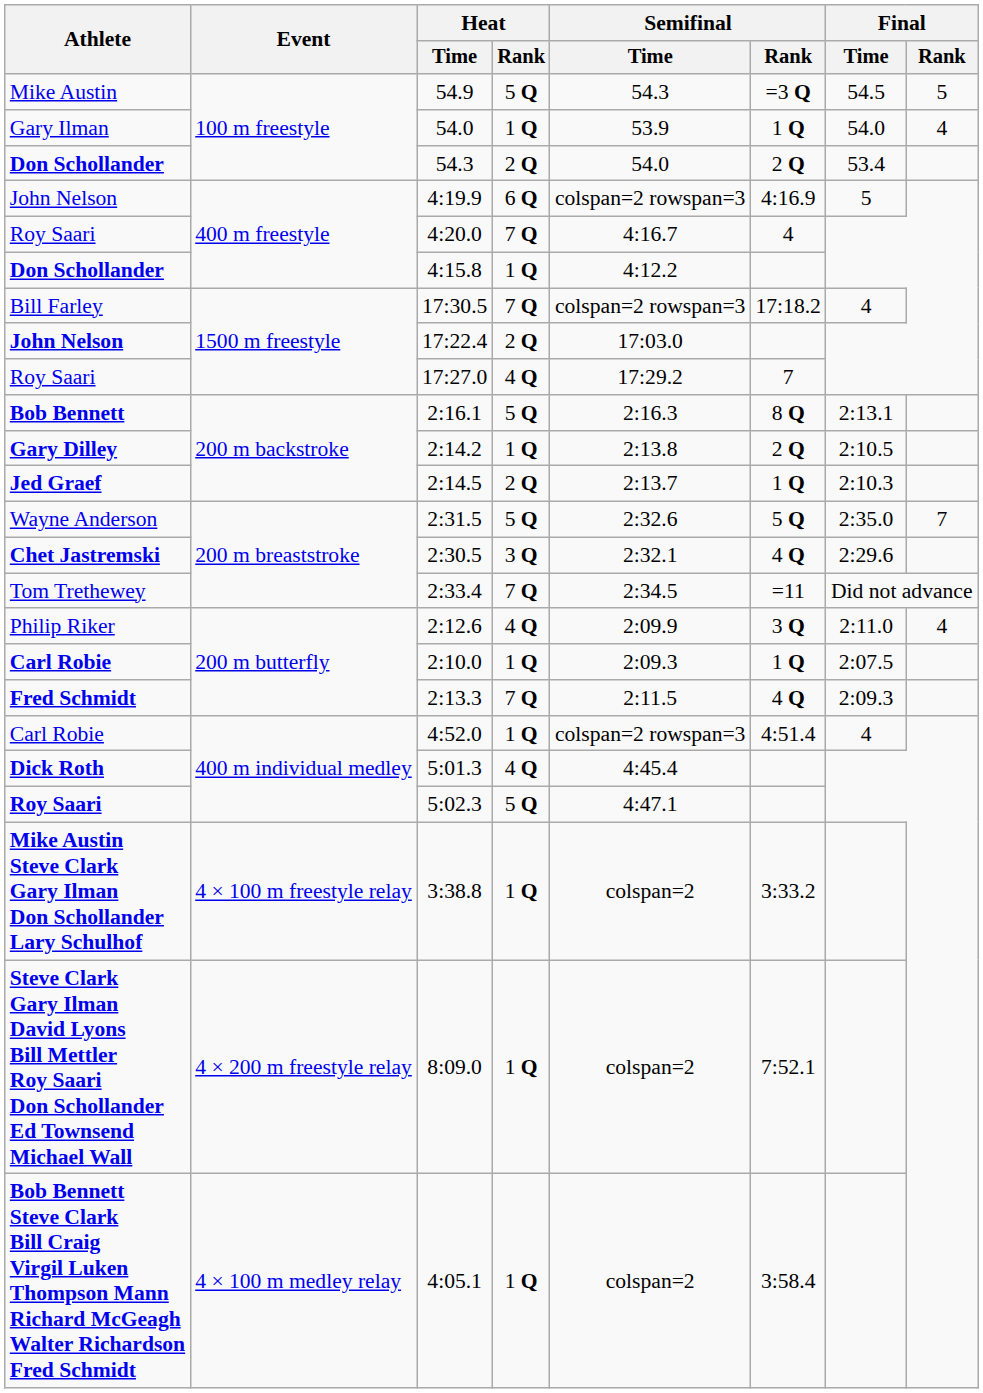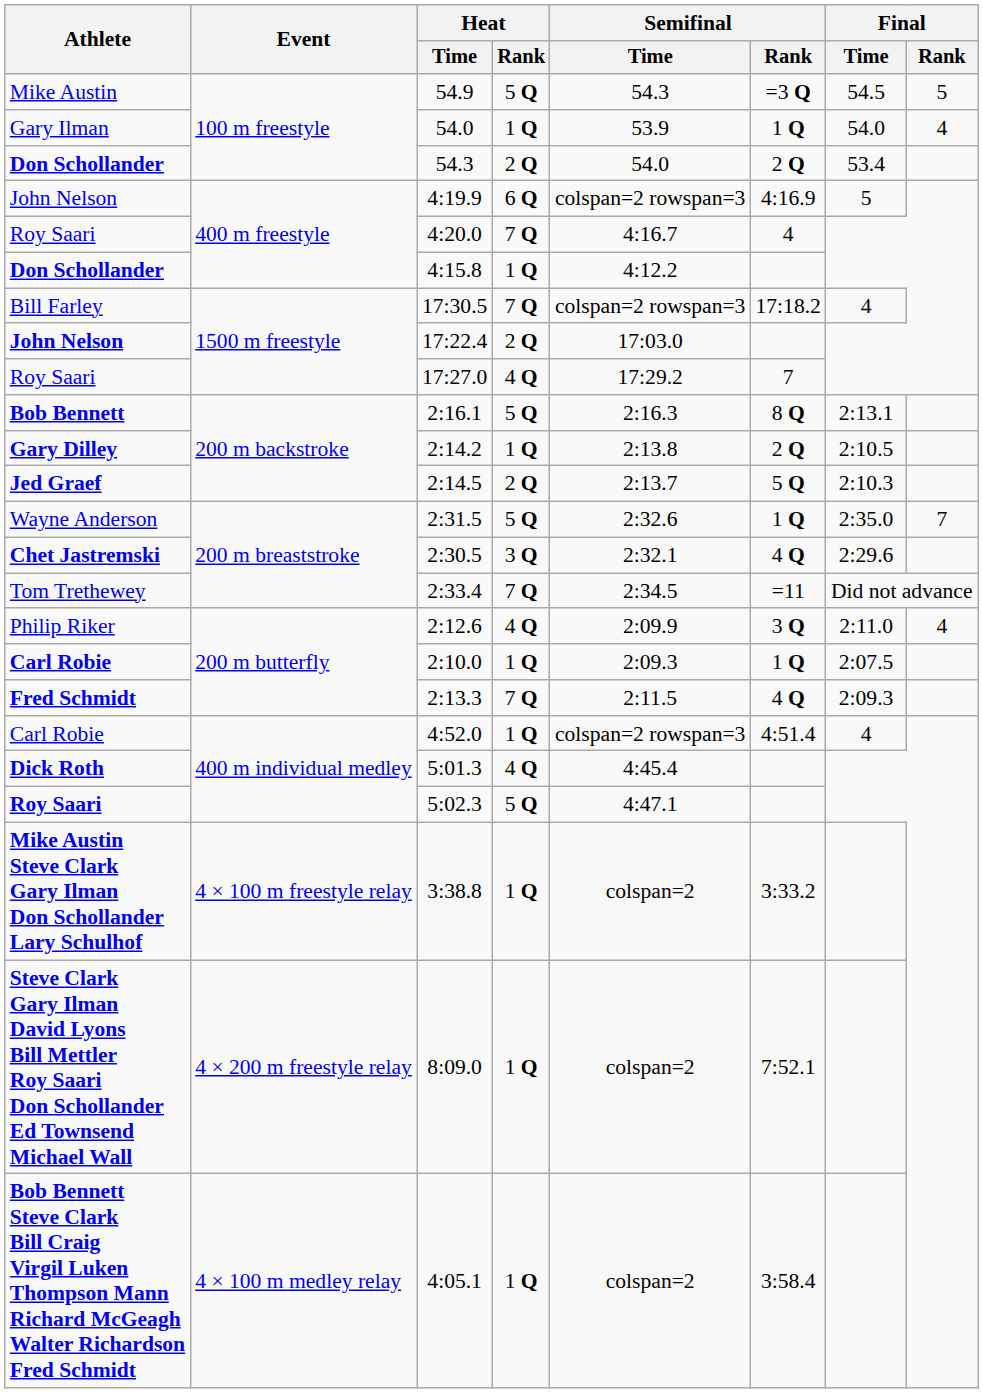 <table class=wikitable style=font-size:90%;text-align:center>
 <tr>
 <th rowspan=2>Athlete</th>
 <th rowspan=2>Event</th>
 <th colspan=2>Heat</th>
 <th colspan=2>Semifinal</th>
 <th colspan=2>Final</th>
 </tr>
 <tr style=font-size:95%>
 <th>Time</th>
 <th>Rank</th>
 <th>Time</th>
 <th>Rank</th>
 <th>Time</th>
 <th>Rank</th>
 </tr>
 <tr>
 <td align=left><a href='#'>Mike Austin</a></td>
 <td align=left rowspan=3><a href='#'>100 m freestyle</a></td>
 <td>54.9</td>
 <td>5 <strong>Q</strong></td>
 <td>54.3</td>
 <td>=3 <strong>Q</strong></td>
 <td>54.5</td>
 <td>5</td>
 </tr>
 <tr>
 <td align=left><a href='#'>Gary Ilman</a></td>
 <td>54.0 </td>
 <td>1 <strong>Q</strong></td>
 <td>53.9 </td>
 <td>1 <strong>Q</strong></td>
 <td>54.0</td>
 <td>4</td>
 </tr>
 <tr>
 <td align=left><strong><a href='#'>Don Schollander</a></strong></td>
 <td>54.3</td>
 <td>2 <strong>Q</strong></td>
 <td>54.0</td>
 <td>2 <strong>Q</strong></td>
 <td>53.4 </td>
 <td></td>
 </tr>
 <tr>
 <td align=left><a href='#'>John Nelson</a></td>
 <td align=left rowspan=3><a href='#'>400 m freestyle</a></td>
 <td>4:19.9</td>
 <td>6 <strong>Q</strong></td>
 <td>colspan=2 rowspan=3 </td>
 <td>4:16.9</td>
 <td>5</td>
 </tr>
 <tr>
 <td align=left><a href='#'>Roy Saari</a></td>
 <td>4:20.0</td>
 <td>7 <strong>Q</strong></td>
 <td>4:16.7</td>
 <td>4</td>
 </tr>
 <tr>
 <td align=left><strong><a href='#'>Don Schollander</a></strong></td>
 <td>4:15.8</td>
 <td>1 <strong>Q</strong></td>
 <td>4:12.2 </td>
 <td></td>
 </tr>
 <tr>
 <td align=left><a href='#'>Bill Farley</a></td>
 <td align=left rowspan=3><a href='#'>1500 m freestyle</a></td>
 <td>17:30.5</td>
 <td>7 <strong>Q</strong></td>
 <td>colspan=2 rowspan=3 </td>
 <td>17:18.2</td>
 <td>4</td>
 </tr>
 <tr>
 <td align=left><strong><a href='#'>John Nelson</a></strong></td>
 <td>17:22.4</td>
 <td>2 <strong>Q</strong></td>
 <td>17:03.0</td>
 <td></td>
 </tr>
 <tr>
 <td align=left><a href='#'>Roy Saari</a></td>
 <td>17:27.0</td>
 <td>4 <strong>Q</strong></td>
 <td>17:29.2</td>
 <td>7</td>
 </tr>
 <tr>
 <td align=left><strong><a href='#'>Bob Bennett</a></strong></td>
 <td align=left rowspan=3><a href='#'>200 m backstroke</a></td>
 <td>2:16.1 </td>
 <td>5 <strong>Q</strong></td>
 <td>2:16.3</td>
 <td>8 <strong>Q</strong></td>
 <td>2:13.1</td>
 <td></td>
 </tr>
 <tr>
 <td align=left><strong><a href='#'>Gary Dilley</a></strong></td>
 <td>2:14.2 </td>
 <td>1 <strong>Q</strong></td>
 <td>2:13.8 </td>
 <td>2 <strong>Q</strong></td>
 <td>2:10.5</td>
 <td></td>
 </tr>
 <tr>
 <td align=left><strong><a href='#'>Jed Graef</a></strong></td>
 <td>2:14.5 </td>
 <td>2 <strong>Q</strong></td>
 <td>2:13.7 </td>
-<td>1 <strong>Q</strong></td>
+<td>5 <strong>Q</strong></td>
 <td>2:10.3 </td>
 <td></td>
 </tr>
 <tr>
 <td align=left><a href='#'>Wayne Anderson</a></td>
 <td align=left rowspan=3><a href='#'>200 m breaststroke</a></td>
 <td>2:31.5</td>
 <td>5 <strong>Q</strong></td>
 <td>2:32.6</td>
-<td>5 <strong>Q</strong></td>
+<td>1 <strong>Q</strong></td>
 <td>2:35.0</td>
 <td>7</td>
 </tr>
 <tr>
 <td align=left><strong><a href='#'>Chet Jastremski</a></strong></td>
 <td>2:30.5</td>
 <td>3 <strong>Q</strong></td>
 <td>2:32.1</td>
 <td>4 <strong>Q</strong></td>
 <td>2:29.6</td>
 <td></td>
 </tr>
 <tr>
 <td align=left><a href='#'>Tom Trethewey</a></td>
 <td>2:33.4</td>
 <td>7 <strong>Q</strong></td>
 <td>2:34.5</td>
 <td>=11</td>
 <td colspan=2>Did not advance</td>
 </tr>
 <tr>
 <td align=left><a href='#'>Philip Riker</a></td>
 <td align=left rowspan=3><a href='#'>200 m butterfly</a></td>
 <td>2:12.6</td>
 <td>4 <strong>Q</strong></td>
 <td>2:09.9</td>
 <td>3 <strong>Q</strong></td>
 <td>2:11.0</td>
 <td>4</td>
 </tr>
 <tr>
 <td align=left><strong><a href='#'>Carl Robie</a></strong></td>
 <td>2:10.0 </td>
 <td>1 <strong>Q</strong></td>
 <td>2:09.3 </td>
 <td>1 <strong>Q</strong></td>
 <td>2:07.5</td>
 <td></td>
 </tr>
 <tr>
 <td align=left><strong><a href='#'>Fred Schmidt</a></strong></td>
 <td>2:13.3</td>
 <td>7 <strong>Q</strong></td>
 <td>2:11.5</td>
 <td>4 <strong>Q</strong></td>
 <td>2:09.3</td>
 <td></td>
 </tr>
 <tr>
 <td align=left><a href='#'>Carl Robie</a></td>
 <td align=left rowspan=3><a href='#'>400 m individual medley</a></td>
 <td>4:52.0</td>
 <td>1 <strong>Q</strong></td>
 <td>colspan=2 rowspan=3 </td>
 <td>4:51.4</td>
 <td>4</td>
 </tr>
 <tr>
 <td align=left><strong><a href='#'>Dick Roth</a></strong></td>
 <td>5:01.3</td>
 <td>4 <strong>Q</strong></td>
 <td>4:45.4 </td>
 <td></td>
 </tr>
 <tr>
 <td align=left><strong><a href='#'>Roy Saari</a></strong></td>
 <td>5:02.3</td>
 <td>5 <strong>Q</strong></td>
 <td>4:47.1</td>
 <td></td>
 </tr>
 <tr>
 <td align=left><strong><a href='#'>Mike Austin</a><br><a href='#'>Steve Clark</a><br><a href='#'>Gary Ilman</a><br><a href='#'>Don Schollander</a><br><a href='#'>Lary Schulhof</a></strong></td>
 <td align=left><a href='#'>4 × 100 m freestyle relay</a></td>
 <td>3:38.8</td>
 <td>1 <strong>Q</strong></td>
 <td>colspan=2 </td>
 <td>3:33.2 </td>
 <td></td>
 </tr>
 <tr>
 <td align=left><strong><a href='#'>Steve Clark</a><br><a href='#'>Gary Ilman</a><br><a href='#'>David Lyons</a></strong><br><strong><a href='#'>Bill Mettler</a></strong><br><strong><a href='#'>Roy Saari</a><br><a href='#'>Don Schollander</a><br><a href='#'>Ed Townsend</a></strong><br><strong><a href='#'>Michael Wall</a></strong></td>
 <td align=left><a href='#'>4 × 200 m freestyle relay</a></td>
 <td>8:09.0</td>
 <td>1 <strong>Q</strong></td>
 <td>colspan=2 </td>
 <td>7:52.1 </td>
 <td></td>
 </tr>
 <tr>
 <td align=left><strong><a href='#'>Bob Bennett</a></strong><br><strong><a href='#'>Steve Clark</a><br><a href='#'>Bill Craig</a><br><a href='#'>Virgil Luken</a></strong><br><strong><a href='#'>Thompson Mann</a><br><a href='#'>Richard McGeagh</a></strong><br><strong><a href='#'>Walter Richardson</a></strong><br><strong><a href='#'>Fred Schmidt</a></strong></td>
 <td align=left><a href='#'>4 × 100 m medley relay</a></td>
 <td>4:05.1 </td>
 <td>1 <strong>Q</strong></td>
 <td>colspan=2 </td>
 <td>3:58.4 </td>
 <td></td>
 </tr>
 </table>
